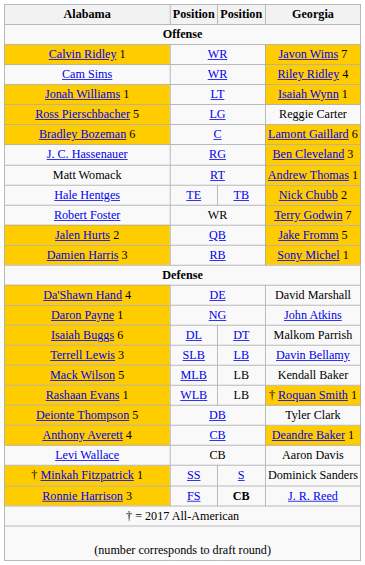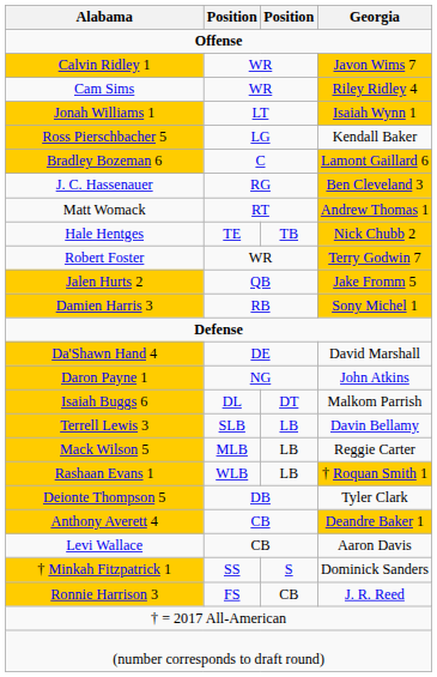 <table class="wikitable" style="margin:1em auto; text-align:center; font-size: 95%;">
 <tr>
 <th style="width:200px;">Alabama</th>
 <th>Position</th>
 <th>Position</th>
 <th>Georgia</th>
 </tr>
 <tr>
 <td colspan="4" style="text-align:center"><strong>Offense</strong></td>
 </tr>
 <tr>
 <td bgcolor="#FFCC00"><a href='#'>Calvin Ridley</a> 1</td>
 <td colspan="2" style="text-align:center"><a href='#'>WR</a></td>
 <td bgcolor="#FFCC00"><a href='#'>Javon Wims</a> 7</td>
 </tr>
 <tr>
 <td><a href='#'>Cam Sims</a></td>
 <td colspan="2" style="text-align:center"><a href='#'>WR</a></td>
 <td bgcolor="#FFCC00"><a href='#'>Riley Ridley</a> 4</td>
 </tr>
 <tr>
 <td bgcolor="#FFCC00"><a href='#'>Jonah Williams</a> 1</td>
 <td colspan="2" style="text-align:center"><a href='#'>LT</a></td>
 <td bgcolor="#FFCC00"><a href='#'>Isaiah Wynn</a> 1</td>
 </tr>
 <tr>
 <td bgcolor="#FFCC00"><a href='#'>Ross Pierschbacher</a> 5</td>
 <td colspan="2" style="text-align:center"><a href='#'>LG</a></td>
-<td>Reggie Carter</td>
+<td>Kendall Baker</td>
 </tr>
 <tr>
 <td bgcolor="#FFCC00"><a href='#'>Bradley Bozeman</a> 6</td>
 <td colspan="2" style="text-align:center"><a href='#'>C</a></td>
 <td bgcolor="#FFCC00"><a href='#'>Lamont Gaillard</a> 6</td>
 </tr>
 <tr>
 <td><a href='#'>J. C. Hassenauer</a></td>
 <td colspan="2" style="text-align:center"><a href='#'>RG</a></td>
 <td bgcolor="#FFCC00"><a href='#'>Ben Cleveland</a> 3</td>
 </tr>
 <tr>
 <td>Matt Womack</td>
 <td colspan="2" style="text-align:center"><a href='#'>RT</a></td>
 <td bgcolor="#FFCC00"><a href='#'>Andrew Thomas</a> 1</td>
 </tr>
 <tr>
 <td><a href='#'>Hale Hentges</a></td>
 <td style="text-align:center"><a href='#'>TE</a></td>
 <td style="text-align:center"><a href='#'>TB</a></td>
 <td bgcolor="#FFCC00"><a href='#'>Nick Chubb</a> 2</td>
 </tr>
 <tr>
 <td><a href='#'>Robert Foster</a></td>
 <td colspan="2" style="text-align:center">WR</td>
 <td bgcolor="#FFCC00"><a href='#'>Terry Godwin</a> 7</td>
 </tr>
 <tr>
 <td bgcolor="#FFCC00"><a href='#'>Jalen Hurts</a> 2</td>
 <td colspan="2" style="text-align:center"><a href='#'>QB</a></td>
 <td bgcolor="#FFCC00"><a href='#'>Jake Fromm</a> 5</td>
 </tr>
 <tr>
 <td bgcolor="#FFCC00"><a href='#'>Damien Harris</a> 3</td>
 <td colspan="2" style="text-align:center"><a href='#'>RB</a></td>
 <td bgcolor="#FFCC00"><a href='#'>Sony Michel</a> 1</td>
 </tr>
 <tr>
 <td colspan="4" style="text-align:center"><strong>Defense</strong></td>
 </tr>
 <tr>
 <td bgcolor="#FFCC00"><a href='#'>Da'Shawn Hand</a> 4</td>
 <td colspan="2" style="text-align:center"><a href='#'>DE</a></td>
 <td>David Marshall</td>
 </tr>
 <tr>
 <td bgcolor="#FFCC00"><a href='#'>Daron Payne</a> 1</td>
 <td colspan="2" style="text-align:center"><a href='#'>NG</a></td>
 <td><a href='#'>John Atkins</a></td>
 </tr>
 <tr>
 <td bgcolor="#FFCC00"><a href='#'>Isaiah Buggs</a> 6</td>
 <td style="text-align:center"><a href='#'>DL</a></td>
 <td style="text-align:center"><a href='#'>DT</a></td>
 <td>Malkom Parrish</td>
 </tr>
 <tr>
 <td bgcolor="#FFCC00"><a href='#'>Terrell Lewis</a> 3</td>
 <td style="text-align:center"><a href='#'>SLB</a></td>
 <td style="text-align:center"><a href='#'>LB</a></td>
 <td><a href='#'>Davin Bellamy</a></td>
 </tr>
 <tr>
 <td bgcolor="#FFCC00"><a href='#'>Mack Wilson</a> 5</td>
 <td style="text-align:center"><a href='#'>MLB</a></td>
 <td style="text-align:center">LB</td>
-<td>Kendall Baker</td>
+<td>Reggie Carter</td>
 </tr>
 <tr>
 <td bgcolor="#FFCC00"><a href='#'>Rashaan Evans</a> 1</td>
 <td style="text-align:center"><a href='#'>WLB</a></td>
 <td style="text-align:center">LB</td>
 <td bgcolor="#FFCC00">† <a href='#'>Roquan Smith</a> 1</td>
 </tr>
 <tr>
 <td bgcolor="#FFCC00"><a href='#'>Deionte Thompson</a> 5</td>
 <td colspan="2" style="text-align:center"><a href='#'>DB</a></td>
 <td>Tyler Clark</td>
 </tr>
 <tr>
 <td bgcolor="#FFCC00"><a href='#'>Anthony Averett</a> 4</td>
 <td colspan="2" style="text-align:center"><a href='#'>CB</a></td>
 <td bgcolor="#FFCC00"><a href='#'>Deandre Baker</a> 1</td>
 </tr>
 <tr>
 <td><a href='#'>Levi Wallace</a></td>
 <td colspan="2" style="text-align:center">CB</td>
 <td>Aaron Davis</td>
 </tr>
 <tr>
 <td bgcolor="#FFCC00">† <a href='#'>Minkah Fitzpatrick</a> 1</td>
 <td style="text-align:center"><a href='#'>SS</a></td>
 <td style="text-align:center"><a href='#'>S</a></td>
 <td>Dominick Sanders</td>
 </tr>
 <tr>
 <td bgcolor="#FFCC00"><a href='#'>Ronnie Harrison</a> 3</td>
 <td style="text-align:center"><a href='#'>FS</a></td>
-<td style="text-align:center"><strong>CB</strong></td>
+<td style="text-align:center">CB</td>
 <td><a href='#'>J. R. Reed</a></td>
 </tr>
 <tr>
 <td colspan=4 align=center>† = 2017 All-American</td>
 </tr>
 <tr>
 <td colspan=4 align=center><br>(number corresponds to draft round)</td>
 </tr>
 </table>
